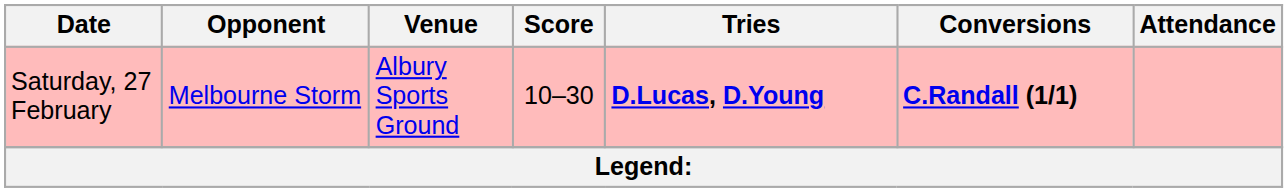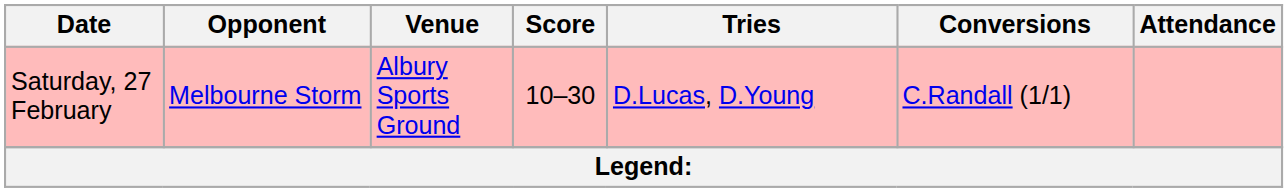 <table class="wikitable" style="font-size:75%;">
 <tr>
 <th style="width:110px;">Date</th>
 <th style="width:170px;">Opponent</th>
 <th style="width:110px;">Venue</th>
 <th style="width:50px;">Score</th>
 <th style="width:310px;">Tries</th>
 <th style="width:180px;">Conversions</th>
 <th style="width:60px;">Attendance</th>
 </tr>
 <tr style="background:#fbb;">
 <td>Saturday, 27 February</td>
 <td> <a href='#'>Melbourne Storm</a></td>
 <td><a href='#'>Albury Sports Ground</a></td>
 <td style="text-align:center;">10–30</td>
-<td><strong><a href='#'>D.Lucas</a>, <a href='#'>D.Young</a></strong></td>
-<td><strong><a href='#'>C.Randall</a> (1/1)</strong></td>
+<td><a href='#'>D.Lucas</a>, <a href='#'>D.Young</a></td>
+<td><a href='#'>C.Randall</a> (1/1)</td>
 <td style="text-align:center;"></td>
 </tr>
 <tr style="background:#cfc;">
 </tr>
 <tr>
 <th colspan="11"><strong>Legend</strong>:   </th>
 </tr>
 </table>
